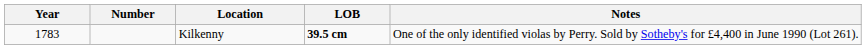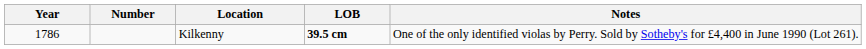 <table class="sortable wikitable" style="margins:auto; width=95%; font-size: 95%;">
 <tr>
 <th width="10%">Year</th>
 <th width="10%">Number</th>
 <th width="15%">Location</th>
 <th width="10%">LOB</th>
 <th width="55%">Notes</th>
 </tr>
 <tr valign="top">
-<td align=center>1783</td>
+<td align=center>1786</td>
 <td align=center></td>
 <td>Kilkenny</td>
 <td><strong>39.5 cm</strong></td>
 <td>One of the only identified violas by Perry. Sold by <a href='#'>Sotheby's</a> for £4,400 in June 1990 (Lot 261).</td>
 </tr>
 </table>
